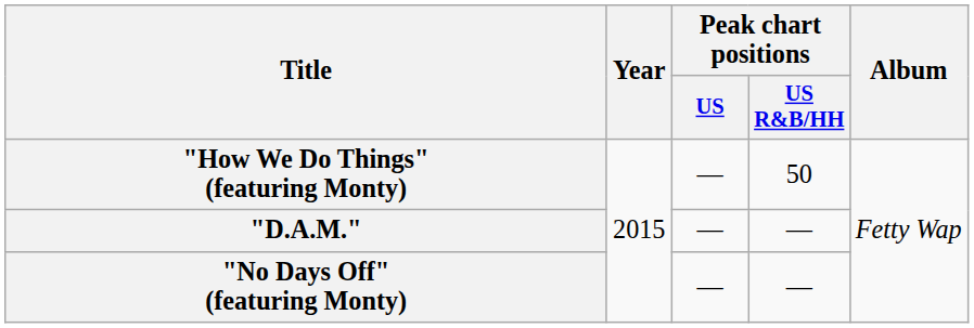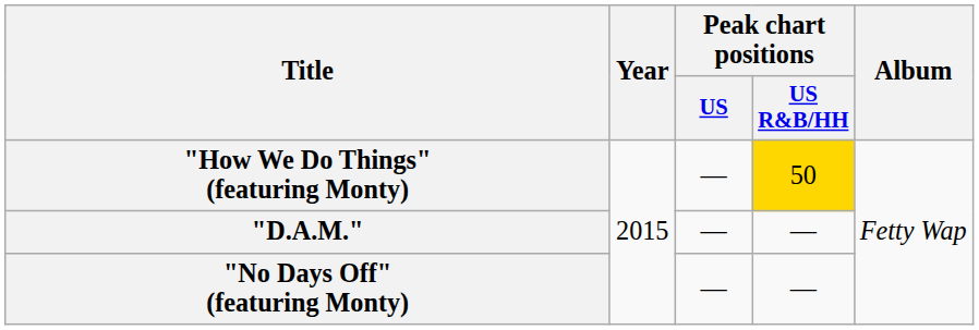 <table class="wikitable plainrowheaders" style="text-align:center;">
 <tr>
 <th scope="col" style="width:22.5em" rowspan="2">Title</th>
 <th scope="col" rowspan="2">Year</th>
 <th scope="col" colspan="2">Peak chart positions</th>
 <th scope="col" rowspan="2">Album</th>
 </tr>
 <tr>
 <th scope="col" style="width:3em;font-size:85%;"><a href='#'>US</a><br></th>
 <th scope="col" style="width:3em;font-size:85%;"><a href='#'>US<br>R&B/HH</a><br></th>
 </tr>
 <tr>
 <th scope="row">"How We Do Things"<br><span>(featuring Monty)</span></th>
 <td rowspan="3">2015</td>
 <td>—</td>
-<td>50</td>
+<td style="background: gold;">50</td>
 <td rowspan="3"><em>Fetty Wap</em></td>
 </tr>
 <tr>
 <th scope="row">"D.A.M."</th>
 <td>—</td>
 <td>—</td>
 </tr>
 <tr>
 <th scope="row">"No Days Off"<br><span>(featuring Monty)</span></th>
 <td>—</td>
 <td>—</td>
 </tr>
 </table>
